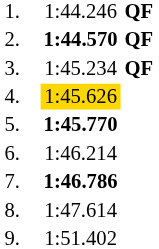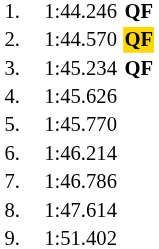 <table style="text-align:center">
 <tr>
 <td width=30>1.</td>
 <td align=left></td>
 <td width=60>1:44.246</td>
 <td><strong>QF</strong></td>
 </tr>
 <tr>
 <td>2.</td>
 <td align=left></td>
-<td><strong>1:44.570</strong></td>
-<td><strong>QF</strong></td>
+<td>1:44.570</td>
+<td style="background: gold;"><strong>QF</strong></td>
 </tr>
 <tr>
 <td>3.</td>
 <td align=left></td>
 <td>1:45.234</td>
 <td><strong>QF</strong></td>
 </tr>
 <tr>
 <td>4.</td>
 <td align=left></td>
-<td style="background: gold;">1:45.626</td>
+<td>1:45.626</td>
 </tr>
 <tr>
 <td>5.</td>
 <td align=left></td>
-<td><strong>1:45.770</strong></td>
+<td>1:45.770</td>
 </tr>
 <tr>
 <td>6.</td>
 <td align=left></td>
 <td>1:46.214</td>
 </tr>
 <tr>
 <td>7.</td>
 <td align=left></td>
-<td><strong>1:46.786</strong></td>
+<td>1:46.786</td>
 </tr>
 <tr>
 <td>8.</td>
 <td align=left></td>
 <td>1:47.614</td>
 </tr>
 <tr>
 <td>9.</td>
 <td align=left></td>
 <td>1:51.402</td>
 </tr>
 </table>
